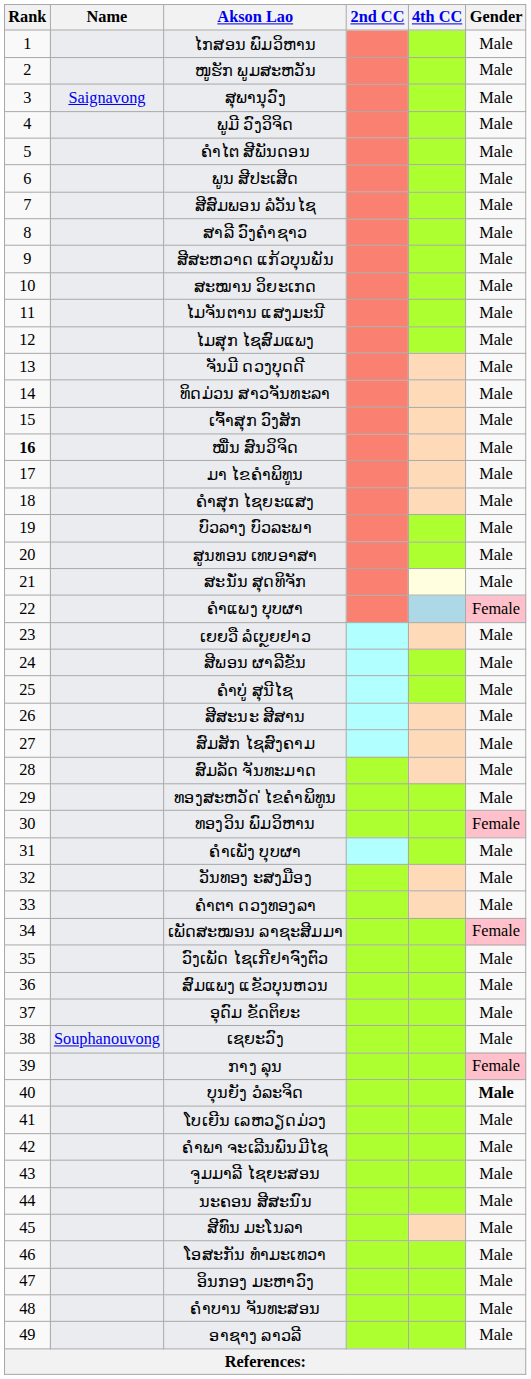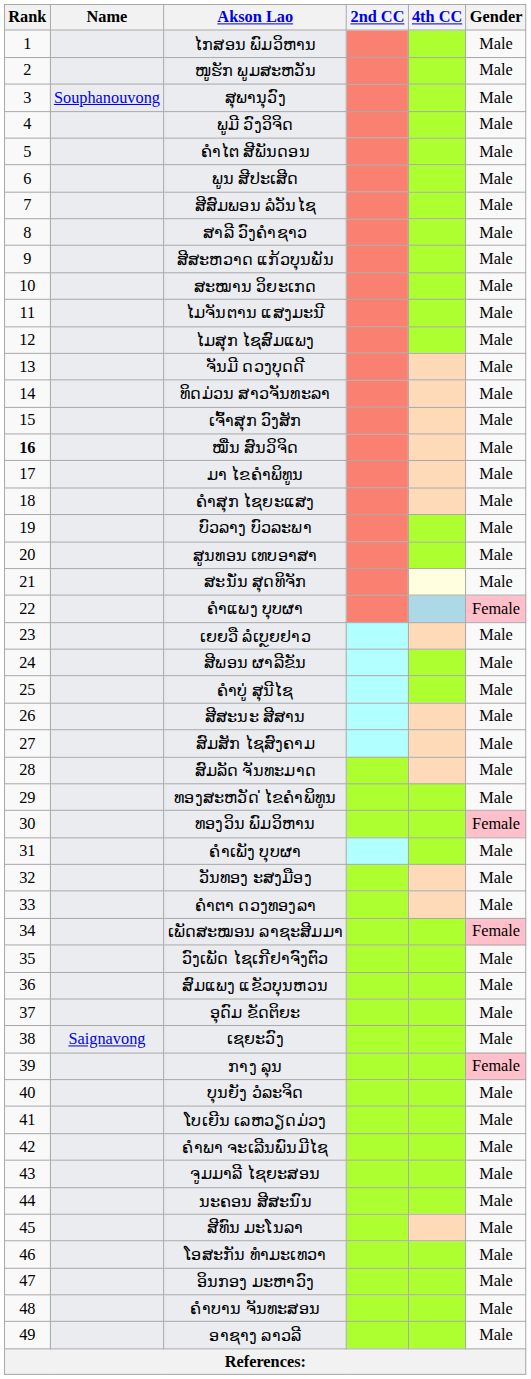 <table class="wikitable sortable" style=text-align:center>
 <tr>
 <th>Rank</th>
 <th>Name</th>
 <th class="unsortable"><a href='#'>Akson Lao</a></th>
 <th unsortable><a href='#'>2nd CC</a></th>
 <th unsortable><a href='#'>4th CC</a></th>
 <th>Gender</th>
 </tr>
 <tr>
 <td>1</td>
 <td bgcolor = #EAECF0></td>
 <td bgcolor = #EAECF0>ໄກສອນ ພົມວິຫານ</td>
 <td bgcolor = Salmon></td>
 <td bgcolor = GreenYellow></td>
 <td>Male</td>
 </tr>
 <tr>
 <td>2</td>
 <td bgcolor = #EAECF0></td>
 <td bgcolor = #EAECF0>ໜູຮັກ ພູມສະຫວັນ</td>
 <td bgcolor = Salmon></td>
 <td bgcolor = GreenYellow></td>
 <td>Male</td>
 </tr>
 <tr>
 <td>3</td>
-<td bgcolor = #EAECF0><a href='#'>Saignavong</a></td>
+<td bgcolor = #EAECF0><a href='#'>Souphanouvong</a></td>
 <td bgcolor = #EAECF0>ສຸພານຸວົງ</td>
 <td bgcolor = Salmon></td>
 <td bgcolor = GreenYellow></td>
 <td>Male</td>
 </tr>
 <tr>
 <td>4</td>
 <td bgcolor = #EAECF0></td>
 <td bgcolor = #EAECF0>ພູມີ ວົງວິຈິດ</td>
 <td bgcolor = Salmon></td>
 <td bgcolor = GreenYellow></td>
 <td>Male</td>
 </tr>
 <tr>
 <td>5</td>
 <td bgcolor = #EAECF0></td>
 <td bgcolor = #EAECF0>ຄໍາໄຕ ສີພັນດອນ</td>
 <td bgcolor = Salmon></td>
 <td bgcolor = GreenYellow></td>
 <td>Male</td>
 </tr>
 <tr>
 <td>6</td>
 <td bgcolor = #EAECF0></td>
 <td bgcolor = #EAECF0>ພູນ ສີປະເສີດ</td>
 <td bgcolor = Salmon></td>
 <td bgcolor = GreenYellow></td>
 <td>Male</td>
 </tr>
 <tr>
 <td>7</td>
 <td bgcolor = #EAECF0></td>
 <td bgcolor = #EAECF0>ສີສົມພອນ ລໍວັນໄຊ</td>
 <td bgcolor = Salmon></td>
 <td bgcolor = GreenYellow></td>
 <td>Male</td>
 </tr>
 <tr>
 <td>8</td>
 <td bgcolor = #EAECF0></td>
 <td bgcolor = #EAECF0>ສາລີ ວົງຄໍາຊາວ</td>
 <td bgcolor = Salmon></td>
 <td bgcolor = GreenYellow></td>
 <td>Male</td>
 </tr>
 <tr>
 <td>9</td>
 <td bgcolor = #EAECF0></td>
 <td bgcolor = #EAECF0>ສີສະຫວາດ ແກ້ວບຸນພັນ</td>
 <td bgcolor = Salmon></td>
 <td bgcolor = GreenYellow></td>
 <td>Male</td>
 </tr>
 <tr>
 <td>10</td>
 <td bgcolor = #EAECF0></td>
 <td bgcolor = #EAECF0>ສະໝານ ວິຍະເກດ</td>
 <td bgcolor = Salmon></td>
 <td bgcolor = GreenYellow></td>
 <td>Male</td>
 </tr>
 <tr>
 <td>11</td>
 <td bgcolor = #EAECF0></td>
 <td bgcolor = #EAECF0>ໄມຈັນຕານ ແສງມະນີ</td>
 <td bgcolor = Salmon></td>
 <td bgcolor = GreenYellow></td>
 <td>Male</td>
 </tr>
 <tr>
 <td>12</td>
 <td bgcolor = #EAECF0></td>
 <td bgcolor = #EAECF0>ໄມສຸກ ໄຊສົມແພງ</td>
 <td bgcolor = Salmon></td>
 <td bgcolor = GreenYellow></td>
 <td>Male</td>
 </tr>
 <tr>
 <td>13</td>
 <td bgcolor = #EAECF0></td>
 <td bgcolor = #EAECF0>ຈັນມີ ດວງບຸດດີ</td>
 <td bgcolor = Salmon></td>
 <td bgcolor = PeachPuff></td>
 <td>Male</td>
 </tr>
 <tr>
 <td>14</td>
 <td bgcolor = #EAECF0></td>
 <td bgcolor = #EAECF0>ທິດມ່ວນ ສາວຈັນທະລາ</td>
 <td bgcolor = Salmon></td>
 <td bgcolor = PeachPuff></td>
 <td>Male</td>
 </tr>
 <tr>
 <td>15</td>
 <td bgcolor = #EAECF0></td>
 <td bgcolor = #EAECF0>ເຈົ້າສຸກ ວົງສັກ</td>
 <td bgcolor = Salmon></td>
 <td bgcolor = PeachPuff></td>
 <td>Male</td>
 </tr>
 <tr>
 <td><strong>16</strong></td>
 <td bgcolor = #EAECF0></td>
 <td bgcolor = #EAECF0>ໝື່ນ ສົນວິຈິດ</td>
 <td bgcolor = Salmon></td>
 <td bgcolor = PeachPuff></td>
 <td>Male</td>
 </tr>
 <tr>
 <td>17</td>
 <td bgcolor = #EAECF0></td>
 <td bgcolor = #EAECF0>ມາ ໄຂຄຳພິທູນ</td>
 <td bgcolor = Salmon></td>
 <td bgcolor = PeachPuff></td>
 <td>Male</td>
 </tr>
 <tr>
 <td>18</td>
 <td bgcolor = #EAECF0></td>
 <td bgcolor = #EAECF0>ຄຳສຸກ ໄຊຍະແສງ</td>
 <td bgcolor = Salmon></td>
 <td bgcolor = PeachPuff></td>
 <td>Male</td>
 </tr>
 <tr>
 <td>19</td>
 <td bgcolor = #EAECF0></td>
 <td bgcolor = #EAECF0>ບົວລາງ ບົວລະພາ</td>
 <td bgcolor = Salmon></td>
 <td bgcolor = GreenYellow></td>
 <td>Male</td>
 </tr>
 <tr>
 <td>20</td>
 <td bgcolor = #EAECF0></td>
 <td bgcolor = #EAECF0>ສູນທອນ ເທບອາສາ</td>
 <td bgcolor = Salmon></td>
 <td bgcolor = GreenYellow></td>
 <td>Male</td>
 </tr>
 <tr>
 <td>21</td>
 <td bgcolor = #EAECF0></td>
 <td bgcolor = #EAECF0>ສະນັ່ນ ສຸດທິຈັກ</td>
 <td bgcolor = Salmon></td>
 <td bgcolor = LightYellow></td>
 <td>Male</td>
 </tr>
 <tr>
 <td>22</td>
 <td bgcolor = #EAECF0></td>
 <td bgcolor = #EAECF0>ຄຳແພງ ບຸບຜາ</td>
 <td bgcolor = Salmon></td>
 <td bgcolor = LightBlue></td>
 <td bgcolor = Pink>Female</td>
 </tr>
 <tr>
 <td>23</td>
 <td bgcolor = #EAECF0></td>
 <td bgcolor = #EAECF0>ເຍຍວື ລໍເບຼຍຢາວ</td>
 <td bgcolor = #B2FFFF></td>
 <td bgcolor = PeachPuff></td>
 <td>Male</td>
 </tr>
 <tr>
 <td>24</td>
 <td bgcolor = #EAECF0></td>
 <td bgcolor = #EAECF0>ສີພອນ ຜາລີຂັນ</td>
 <td bgcolor = #B2FFFF></td>
 <td bgcolor = GreenYellow></td>
 <td>Male</td>
 </tr>
 <tr>
 <td>25</td>
 <td bgcolor = #EAECF0></td>
 <td bgcolor = #EAECF0>ຄຳບູ່ ສຸນີໄຊ</td>
 <td bgcolor = #B2FFFF></td>
 <td bgcolor = GreenYellow></td>
 <td>Male</td>
 </tr>
 <tr>
 <td>26</td>
 <td bgcolor = #EAECF0></td>
 <td bgcolor = #EAECF0>ສີສະນະ ສີສານ</td>
 <td bgcolor = #B2FFFF></td>
 <td bgcolor = PeachPuff></td>
 <td>Male</td>
 </tr>
 <tr>
 <td>27</td>
 <td bgcolor = #EAECF0></td>
 <td bgcolor = #EAECF0>ສົມສັກ ໄຊສົງຄາມ</td>
 <td bgcolor = #B2FFFF></td>
 <td bgcolor = PeachPuff></td>
 <td>Male</td>
 </tr>
 <tr>
 <td>28</td>
 <td bgcolor = #EAECF0></td>
 <td bgcolor = #EAECF0>ສົມລັດ ຈັນທະມາດ</td>
 <td bgcolor = GreenYellow></td>
 <td bgcolor = PeachPuff></td>
 <td>Male</td>
 </tr>
 <tr>
 <td>29</td>
 <td bgcolor = #EAECF0></td>
 <td bgcolor = #EAECF0>ທອງສະຫວັດ ່ໄຂຄຳພິທູນ</td>
 <td bgcolor = GreenYellow></td>
 <td bgcolor = GreenYellow></td>
 <td>Male</td>
 </tr>
 <tr>
 <td>30</td>
 <td bgcolor = #EAECF0></td>
 <td bgcolor = #EAECF0>ທອງວິນ ພົມວິຫານ</td>
 <td bgcolor = GreenYellow></td>
 <td bgcolor = GreenYellow></td>
 <td bgcolor = Pink>Female</td>
 </tr>
 <tr>
 <td>31</td>
 <td bgcolor = #EAECF0></td>
 <td bgcolor = #EAECF0>ຄຳເພັງ ບຸບຜາ</td>
 <td bgcolor = #B2FFFF></td>
 <td bgcolor = GreenYellow></td>
 <td>Male</td>
 </tr>
 <tr>
 <td>32</td>
 <td bgcolor = #EAECF0></td>
 <td bgcolor = #EAECF0>ວັນທອງ ະສງມືອງ</td>
 <td bgcolor = GreenYellow></td>
 <td bgcolor = PeachPuff></td>
 <td>Male</td>
 </tr>
 <tr>
 <td>33</td>
 <td bgcolor = #EAECF0></td>
 <td bgcolor = #EAECF0>ຄຳຕາ ດວງທອງລາ</td>
 <td bgcolor = GreenYellow></td>
 <td bgcolor = PeachPuff></td>
 <td>Male</td>
 </tr>
 <tr>
 <td>34</td>
 <td bgcolor = #EAECF0></td>
 <td bgcolor = #EAECF0>ເພັດສະໝອນ ລາຊະສີມມາ</td>
 <td bgcolor = GreenYellow></td>
 <td bgcolor = GreenYellow></td>
 <td bgcolor = Pink>Female</td>
 </tr>
 <tr>
 <td>35</td>
 <td bgcolor = #EAECF0></td>
 <td bgcolor = #EAECF0>ວົງເພັດ ໄຊເກີຢາຈົງຕົວ</td>
 <td bgcolor = GreenYellow></td>
 <td bgcolor = GreenYellow></td>
 <td>Male</td>
 </tr>
 <tr>
 <td>36</td>
 <td bgcolor = #EAECF0></td>
 <td bgcolor = #EAECF0>ສົມແພງ ແຂັວບຸນຫວນ</td>
 <td bgcolor = GreenYellow></td>
 <td bgcolor = GreenYellow></td>
 <td>Male</td>
 </tr>
 <tr>
 <td>37</td>
 <td bgcolor = #EAECF0></td>
 <td bgcolor = #EAECF0>ອຸດົມ ຂັດຕິຍະ</td>
 <td bgcolor = GreenYellow></td>
 <td bgcolor = GreenYellow></td>
 <td>Male</td>
 </tr>
 <tr>
 <td>38</td>
-<td bgcolor = #EAECF0><a href='#'>Souphanouvong</a></td>
+<td bgcolor = #EAECF0><a href='#'>Saignavong</a></td>
 <td bgcolor = #EAECF0>ເຊຍະວົງ</td>
 <td bgcolor = GreenYellow></td>
 <td bgcolor = GreenYellow></td>
 <td>Male</td>
 </tr>
 <tr>
 <td>39</td>
 <td bgcolor = #EAECF0></td>
 <td bgcolor = #EAECF0>ກາງ ລຸນ</td>
 <td bgcolor = GreenYellow></td>
 <td bgcolor = GreenYellow></td>
 <td bgcolor = Pink>Female</td>
 </tr>
 <tr>
 <td>40</td>
 <td bgcolor = #EAECF0></td>
 <td bgcolor = #EAECF0>ບຸນຍັງ ວໍລະຈິດ</td>
 <td bgcolor = GreenYellow></td>
 <td bgcolor = GreenYellow></td>
-<td><strong>Male</strong></td>
+<td>Male</td>
 </tr>
 <tr>
 <td>41</td>
 <td bgcolor = #EAECF0></td>
 <td bgcolor = #EAECF0>ໂບເຍີນ ເລຫວຽດມ່ວງ</td>
 <td bgcolor = GreenYellow></td>
 <td bgcolor = GreenYellow></td>
 <td>Male</td>
 </tr>
 <tr>
 <td>42</td>
 <td bgcolor = #EAECF0></td>
 <td bgcolor = #EAECF0>ຄຳພາ ຈະເລີນພົນມີໄຊ</td>
 <td bgcolor = GreenYellow></td>
 <td bgcolor = GreenYellow></td>
 <td>Male</td>
 </tr>
 <tr>
 <td>43</td>
 <td bgcolor = #EAECF0></td>
 <td bgcolor = #EAECF0>ຈູມມາລີ ໄຊຍະສອນ</td>
 <td bgcolor = GreenYellow></td>
 <td bgcolor = GreenYellow></td>
 <td>Male</td>
 </tr>
 <tr>
 <td>44</td>
 <td bgcolor = #EAECF0></td>
 <td bgcolor = #EAECF0>ນະຄອນ ສີສະນົນ</td>
 <td bgcolor = GreenYellow></td>
 <td bgcolor = GreenYellow></td>
 <td>Male</td>
 </tr>
 <tr>
 <td>45</td>
 <td bgcolor = #EAECF0></td>
 <td bgcolor = #EAECF0>ສີທົນ ມະໂນລາ</td>
 <td bgcolor = GreenYellow></td>
 <td bgcolor = PeachPuff></td>
 <td>Male</td>
 </tr>
 <tr>
 <td>46</td>
 <td bgcolor = #EAECF0></td>
 <td bgcolor = #EAECF0>ໂອສະກັນ ທໍາມະເທວາ</td>
 <td bgcolor = GreenYellow></td>
 <td bgcolor = GreenYellow></td>
 <td>Male</td>
 </tr>
 <tr>
 <td>47</td>
 <td bgcolor = #EAECF0></td>
 <td bgcolor = #EAECF0>ອິນກອງ ມະຫາວົງ</td>
 <td bgcolor = GreenYellow></td>
 <td bgcolor = GreenYellow></td>
 <td>Male</td>
 </tr>
 <tr>
 <td>48</td>
 <td bgcolor = #EAECF0></td>
 <td bgcolor = #EAECF0>ຄຳບານ ຈັນທະສອນ</td>
 <td bgcolor = GreenYellow></td>
 <td bgcolor = GreenYellow></td>
 <td>Male</td>
 </tr>
 <tr>
 <td>49</td>
 <td bgcolor = #EAECF0></td>
 <td bgcolor = #EAECF0>ອາຊາງ ລາວລີ</td>
 <td bgcolor = GreenYellow></td>
 <td bgcolor = GreenYellow></td>
 <td>Male</td>
 </tr>
 <tr class=sortbottom>
 <th colspan = "6" align = left><strong>References:</strong><br></th>
 </tr>
 </table>
